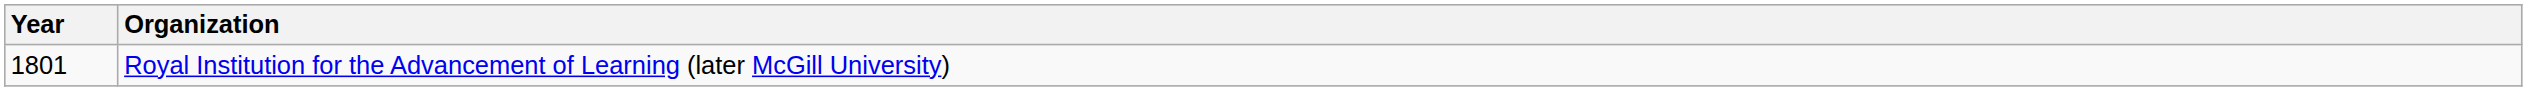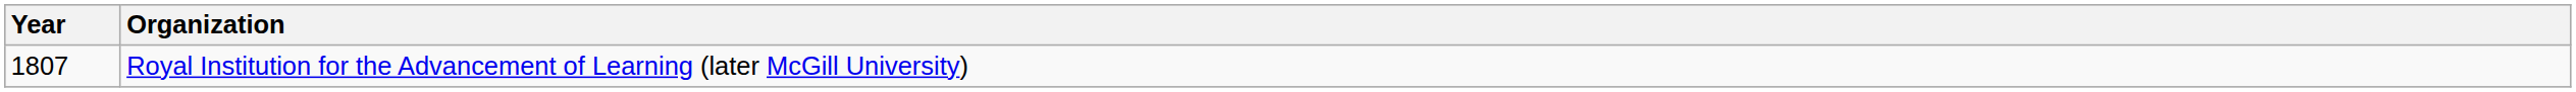 <table class="wikitable" style="width:100%">
 <tr>
 <th style="width:4em;text-align:left">Year</th>
 <th style="text-align:left">Organization</th>
 </tr>
 <tr>
-<td>1801</td>
+<td>1807</td>
 <td><a href='#'>Royal Institution for the Advancement of Learning</a>  (later <a href='#'>McGill University</a>)</td>
 </tr>
 </table>
